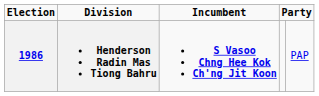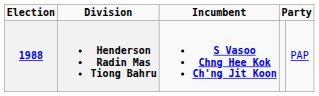 <table class="wikitable" align="center" style="text-align:center">
 <tr>
 <td><strong>Election</strong></td>
 <td><strong>Division</strong></td>
 <td><strong>Incumbent</strong></td>
 <td colspan="2"><strong>Party</strong></td>
 </tr>
 <tr>
-<th><a href='#'>1986</a></th>
+<th><a href='#'>1988</a></th>
 <th><br><ul><li>Henderson</li><li>Radin Mas</li><li>Tiong Bahru</li></ul></th>
 <td><strong><br><ul><li><a href='#'>S Vasoo</a></li><li><a href='#'>Chng Hee Kok</a></li><li><a href='#'>Ch'ng Jit Koon</a></li></ul></strong></td>
 <td></td>
 <td><a href='#'>PAP</a></td>
 </tr>
 </table>
